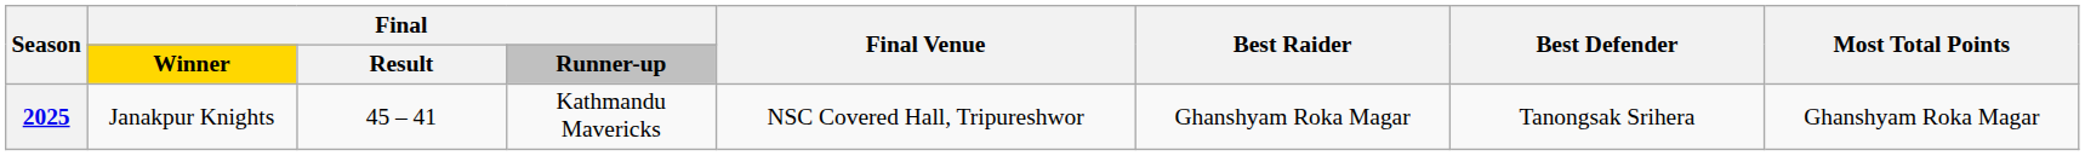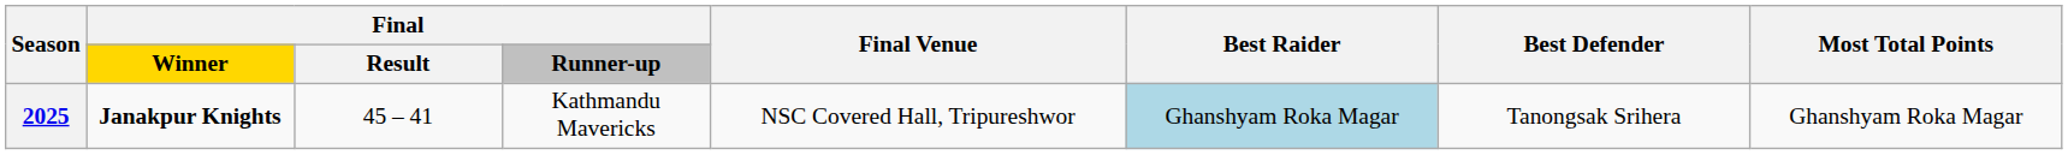 <table class="wikitable" style="font-size:90%; width: 80%; text-align: center">
 <tr>
 <th rowspan="2" style="width:3%;">Season</th>
 <th colspan="3" style="width:30%;">Final</th>
 <th rowspan="2" style="width:20%;">Final Venue</th>
 <th rowspan="2" style="width:15%;">Best Raider</th>
 <th rowspan="2" style="width:15%;">Best Defender</th>
 <th rowspan="2" style="width:15%;">Most Total Points</th>
 </tr>
 <tr>
 <th style="background:gold; width:10%;">Winner</th>
 <th style="width:10%; ">Result</th>
 <th style="background:silver; width:10%;">Runner-up</th>
 </tr>
 <tr>
 <th><a href='#'>2025</a></th>
-<td>Janakpur Knights</td>
+<td><strong>Janakpur Knights</strong></td>
 <td>45 – 41<br></td>
 <td>Kathmandu Mavericks</td>
 <td>NSC Covered Hall, Tripureshwor</td>
-<td>Ghanshyam Roka Magar</td>
+<td style="background: lightblue;">Ghanshyam Roka Magar</td>
 <td>Tanongsak Srihera</td>
 <td>Ghanshyam Roka Magar</td>
 </tr>
 </table>
